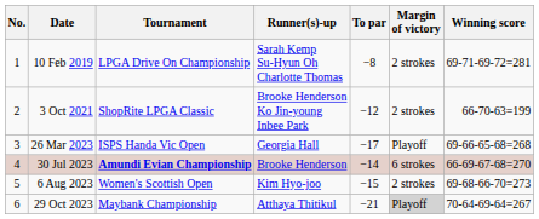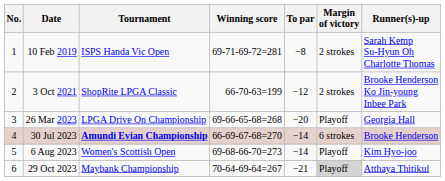 <table class="wikitable" style="font-size:95%;">
 <tr>
 <th>No.</th>
 <th>Date</th>
 <th>Tournament</th>
-<th>Runner(s)-up</th>
+<th>Winning score</th>
 <th>To par</th>
 <th>Margin<br>of victory</th>
-<th>Winning score</th>
+<th>Runner(s)-up</th>
 </tr>
 <tr>
 <td align=center>1</td>
 <td align=right>10 Feb <a href='#'>2019</a></td>
-<td><a href='#'>LPGA Drive On Championship</a></td>
-<td> <a href='#'>Sarah Kemp</a><br> <a href='#'>Su-Hyun Oh</a><br> <a href='#'>Charlotte Thomas</a></td>
+<td><a href='#'>ISPS Handa Vic Open</a></td>
+<td align=right>69-71-69-72=281</td>
 <td align=center>−8</td>
 <td>2 strokes</td>
-<td align=right>69-71-69-72=281</td>
+<td> <a href='#'>Sarah Kemp</a><br> <a href='#'>Su-Hyun Oh</a><br> <a href='#'>Charlotte Thomas</a></td>
 </tr>
 <tr>
 <td align=center>2</td>
 <td align=right>3 Oct <a href='#'>2021</a></td>
 <td><a href='#'>ShopRite LPGA Classic</a></td>
-<td> <a href='#'>Brooke Henderson</a><br> <a href='#'>Ko Jin-young</a><br> <a href='#'>Inbee Park</a></td>
+<td align=right>66-70-63=199</td>
 <td align=center>−12</td>
 <td>2 strokes</td>
-<td align=right>66-70-63=199</td>
+<td> <a href='#'>Brooke Henderson</a><br> <a href='#'>Ko Jin-young</a><br> <a href='#'>Inbee Park</a></td>
 </tr>
 <tr>
 <td align=center>3</td>
 <td align=right>26 Mar <a href='#'>2023</a></td>
-<td><a href='#'>ISPS Handa Vic Open</a></td>
+<td><a href='#'>LPGA Drive On Championship</a></td>
+<td align=right>69-66-65-68=268</td>
+<td align=center>−20</td>
+<td>Playoff</td>
 <td> <a href='#'>Georgia Hall</a></td>
-<td align=center>−17</td>
-<td>Playoff</td>
-<td align=right>69-66-65-68=268</td>
 </tr>
 <tr style="background:#e5d1cb">
 <td align=center>4</td>
 <td align=right>30 Jul 2023</td>
 <td><strong><a href='#'>Amundi Evian Championship</a></strong></td>
-<td> <a href='#'>Brooke Henderson</a></td>
+<td align=right>66-69-67-68=270</td>
 <td align=center>−14</td>
 <td>6 strokes</td>
-<td align=right>66-69-67-68=270</td>
+<td> <a href='#'>Brooke Henderson</a></td>
 </tr>
 <tr>
 <td align=center>5</td>
 <td align=right>6 Aug 2023</td>
 <td><a href='#'>Women's Scottish Open</a></td>
+<td align=right>69-68-66-70=273</td>
+<td align=center>−14</td>
+<td>Playoff</td>
 <td> <a href='#'>Kim Hyo-joo</a></td>
-<td align=center>−15</td>
-<td>2 strokes</td>
-<td align=right>69-68-66-70=273</td>
 </tr>
 <tr>
 <td align=center>6</td>
 <td align=right>29 Oct 2023</td>
 <td><a href='#'>Maybank Championship</a></td>
-<td> <a href='#'>Atthaya Thitikul</a></td>
+<td align=right>70-64-69-64=267</td>
 <td align=center>−21</td>
 <td style="background: lightgrey;">Playoff</td>
-<td align=right>70-64-69-64=267</td>
+<td> <a href='#'>Atthaya Thitikul</a></td>
 </tr>
 </table>
